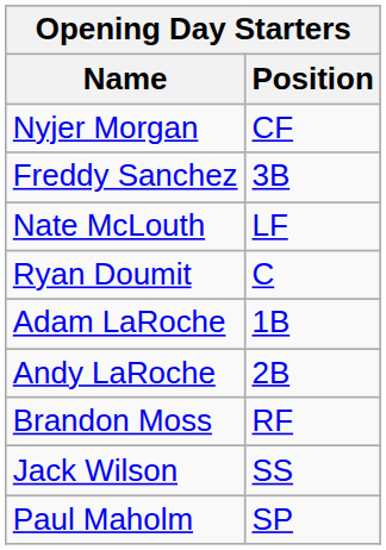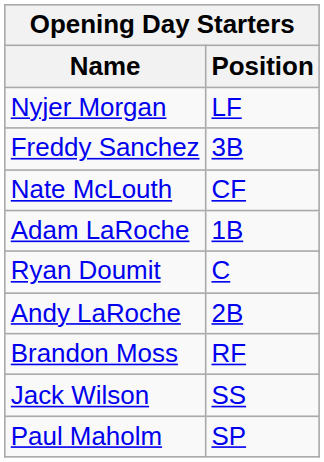 <table class="wikitable" style="text-align:left">
 <tr>
 <th colspan="2">Opening Day Starters</th>
 </tr>
 <tr>
 <th>Name</th>
 <th>Position</th>
 </tr>
 <tr>
 <td><a href='#'>Nyjer Morgan</a></td>
-<td><a href='#'>CF</a></td>
+<td><a href='#'>LF</a></td>
 </tr>
 <tr>
 <td><a href='#'>Freddy Sanchez</a></td>
 <td><a href='#'>3B</a></td>
 </tr>
 <tr>
 <td><a href='#'>Nate McLouth</a></td>
-<td><a href='#'>LF</a></td>
+<td><a href='#'>CF</a></td>
+</tr>
+<tr>
+<td><a href='#'>Adam LaRoche</a></td>
+<td><a href='#'>1B</a></td>
 </tr>
 <tr>
 <td><a href='#'>Ryan Doumit</a></td>
 <td><a href='#'>C</a></td>
-</tr>
-<tr>
-<td><a href='#'>Adam LaRoche</a></td>
-<td><a href='#'>1B</a></td>
 </tr>
 <tr>
 <td><a href='#'>Andy LaRoche</a></td>
 <td><a href='#'>2B</a></td>
 </tr>
 <tr>
 <td><a href='#'>Brandon Moss</a></td>
 <td><a href='#'>RF</a></td>
 </tr>
 <tr>
 <td><a href='#'>Jack Wilson</a></td>
 <td><a href='#'>SS</a></td>
 </tr>
 <tr>
 <td><a href='#'>Paul Maholm</a></td>
 <td><a href='#'>SP</a></td>
 </tr>
 </table>
